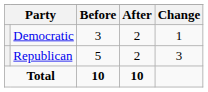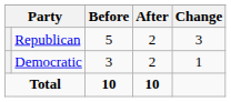 <table class="wikitable" style="text-align:center;">
 <tr>
 </tr>
 <tr>
 <th colspan=2>Party</th>
 <th>Before</th>
 <th>After</th>
 <th>Change</th>
 </tr>
 <tr>
 <th style="background-color:"></th>
+<td style="text-align:left;"><a href='#'>Republican</a></td>
+<td>5</td>
+<td>2</td>
+<td> 3</td>
+</tr>
+<tr>
+<th style="background-color:"></th>
 <td style="text-align:left;"><a href='#'>Democratic</a></td>
 <td>3</td>
 <td>2</td>
 <td> 1</td>
-</tr>
-<tr>
-<th style="background-color:"></th>
-<td style="text-align:left;"><a href='#'>Republican</a></td>
-<td>5</td>
-<td>2</td>
-<td> 3</td>
 </tr>
 <tr>
 <td colspan=2><strong>Total</strong></td>
 <td><strong>10</strong></td>
 <td><strong>10</strong></td>
 </tr>
 </table>
